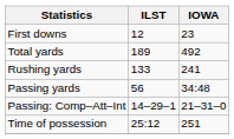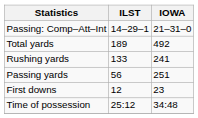 <table class="wikitable" style="float: left;">
 <tr>
 <th>Statistics</th>
 <th>ILST</th>
 <th>IOWA</th>
 </tr>
 <tr>
-<td>First downs</td>
-<td>12</td>
-<td>23</td>
+<td>Passing: Comp–Att–Int</td>
+<td>14–29–1</td>
+<td>21–31–0</td>
 </tr>
 <tr>
 <td>Total yards</td>
 <td>189</td>
 <td>492</td>
 </tr>
 <tr>
 <td>Rushing yards</td>
 <td>133</td>
 <td>241</td>
 </tr>
 <tr>
 <td>Passing yards</td>
 <td>56</td>
-<td>34:48</td>
+<td>251</td>
 </tr>
 <tr>
-<td>Passing: Comp–Att–Int</td>
-<td>14–29–1</td>
-<td>21–31–0</td>
+<td>First downs</td>
+<td>12</td>
+<td>23</td>
 </tr>
 <tr>
 <td>Time of possession</td>
 <td>25:12</td>
-<td>251</td>
+<td>34:48</td>
 </tr>
 <tr>
 </tr>
 </table>
